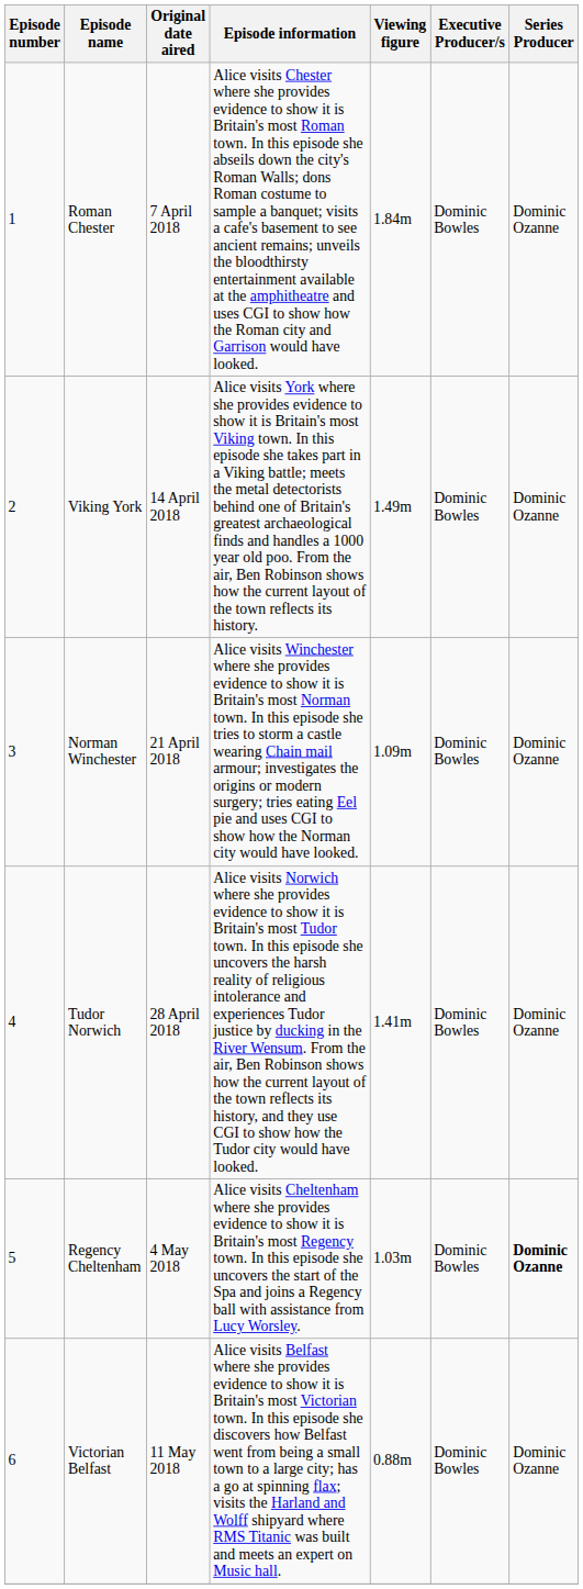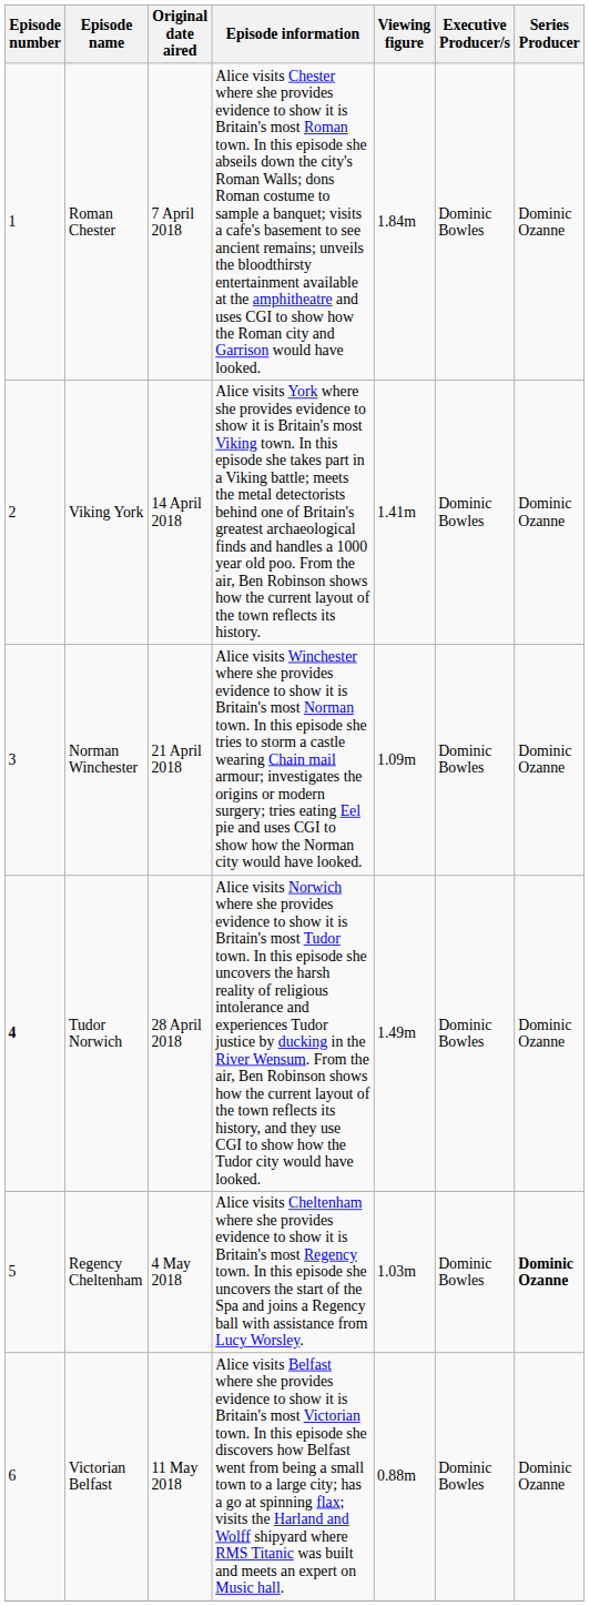 <table class="wikitable sortable">
 <tr>
 <th>Episode number</th>
 <th>Episode name</th>
 <th>Original date aired</th>
 <th>Episode information</th>
 <th>Viewing figure</th>
 <th>Executive Producer/s</th>
 <th>Series Producer</th>
 </tr>
 <tr>
 <td>1</td>
 <td>Roman Chester</td>
 <td>7 April 2018</td>
 <td>Alice visits <a href='#'>Chester</a> where she provides evidence to show it is Britain's most <a href='#'>Roman</a> town. In this episode she abseils down the city's Roman Walls; dons Roman costume to sample a banquet; visits a cafe's basement to see ancient remains; unveils the bloodthirsty entertainment available at the <a href='#'>amphitheatre</a> and uses CGI to show how the Roman city and <a href='#'>Garrison</a> would have looked.</td>
 <td>1.84m</td>
 <td>Dominic Bowles</td>
 <td>Dominic Ozanne</td>
 </tr>
 <tr>
 <td>2</td>
 <td>Viking York</td>
 <td>14 April 2018</td>
 <td>Alice visits <a href='#'>York</a> where she provides evidence to show it is Britain's most <a href='#'>Viking</a> town. In this episode she takes part in a Viking battle; meets the metal detectorists behind one of Britain's greatest archaeological finds and handles a 1000 year old poo. From the air, Ben Robinson shows how the current layout of the town reflects its history.</td>
-<td>1.49m</td>
+<td>1.41m</td>
 <td>Dominic Bowles</td>
 <td>Dominic Ozanne</td>
 </tr>
 <tr>
 <td>3</td>
 <td>Norman Winchester</td>
 <td>21 April 2018</td>
 <td>Alice visits <a href='#'>Winchester</a> where she provides evidence to show it is Britain's most <a href='#'>Norman</a> town. In this episode she tries to storm a castle wearing <a href='#'>Chain mail</a> armour; investigates the origins or modern surgery; tries eating <a href='#'>Eel</a> pie and uses CGI to show how the Norman city would have looked.</td>
 <td>1.09m</td>
 <td>Dominic Bowles</td>
 <td>Dominic Ozanne</td>
 </tr>
 <tr>
-<td>4</td>
+<td><strong>4</strong></td>
 <td>Tudor Norwich</td>
 <td>28 April 2018</td>
 <td>Alice visits <a href='#'>Norwich</a> where she provides evidence to show it is Britain's most <a href='#'>Tudor</a> town. In this episode she uncovers the harsh reality of religious intolerance and experiences Tudor justice by <a href='#'>ducking</a> in the <a href='#'>River Wensum</a>. From the air, Ben Robinson shows how the current layout of the town reflects its history, and they use CGI to show how the Tudor city would have looked.</td>
-<td>1.41m</td>
+<td>1.49m</td>
 <td>Dominic Bowles</td>
 <td>Dominic Ozanne</td>
 </tr>
 <tr>
 <td>5</td>
 <td>Regency Cheltenham</td>
 <td>4 May 2018</td>
 <td>Alice visits <a href='#'>Cheltenham</a> where she provides evidence to show it is Britain's most <a href='#'>Regency</a> town. In this episode she uncovers the start of the Spa and joins a Regency ball with assistance from <a href='#'>Lucy Worsley</a>.</td>
 <td>1.03m</td>
 <td>Dominic Bowles</td>
 <td><strong>Dominic Ozanne</strong></td>
 </tr>
 <tr>
 <td>6</td>
 <td>Victorian Belfast</td>
 <td>11 May 2018</td>
 <td>Alice visits <a href='#'>Belfast</a> where she provides evidence to show it is Britain's most <a href='#'>Victorian</a> town. In this episode she discovers how Belfast went from being a small town to a large city; has a go at spinning <a href='#'>flax</a>; visits the <a href='#'>Harland and Wolff</a> shipyard where <a href='#'>RMS Titanic</a> was built and meets an expert on <a href='#'>Music hall</a>.</td>
 <td>0.88m</td>
 <td>Dominic Bowles</td>
 <td>Dominic Ozanne</td>
 </tr>
 <tr>
 </tr>
 </table>
